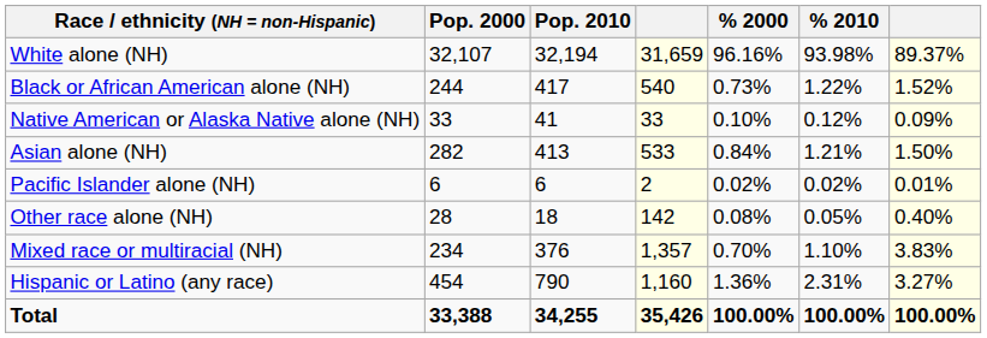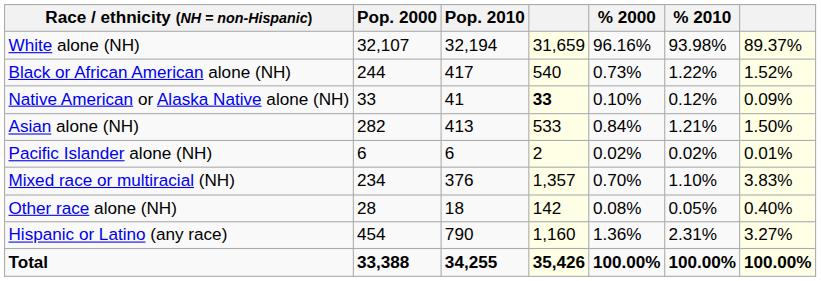 <table class="wikitable">
 <tr>
 <th>Race / ethnicity <small>(<em>NH = non-Hispanic</em>)</small></th>
 <th>Pop. 2000</th>
 <th>Pop. 2010</th>
 <th></th>
 <th>% 2000</th>
 <th>% 2010</th>
 <th></th>
 </tr>
 <tr>
 <td><a href='#'>White</a> alone (NH)</td>
 <td>32,107</td>
 <td>32,194</td>
 <td style='background: #ffffe6;'>31,659</td>
 <td>96.16%</td>
 <td>93.98%</td>
 <td style='background: #ffffe6;'>89.37%</td>
 </tr>
 <tr>
 <td><a href='#'>Black or African American</a> alone (NH)</td>
 <td>244</td>
 <td>417</td>
 <td style='background: #ffffe6;'>540</td>
 <td>0.73%</td>
 <td>1.22%</td>
 <td style='background: #ffffe6;'>1.52%</td>
 </tr>
 <tr>
 <td><a href='#'>Native American</a> or <a href='#'>Alaska Native</a> alone (NH)</td>
 <td>33</td>
 <td>41</td>
-<td style='background: #ffffe6;'>33</td>
+<td style='background: #ffffe6;'><strong>33</strong></td>
 <td>0.10%</td>
 <td>0.12%</td>
 <td style='background: #ffffe6;'>0.09%</td>
 </tr>
 <tr>
 <td><a href='#'>Asian</a> alone (NH)</td>
 <td>282</td>
 <td>413</td>
 <td style='background: #ffffe6;'>533</td>
 <td>0.84%</td>
 <td>1.21%</td>
 <td style='background: #ffffe6;'>1.50%</td>
 </tr>
 <tr>
 <td><a href='#'>Pacific Islander</a> alone (NH)</td>
 <td>6</td>
 <td>6</td>
 <td style='background: #ffffe6;'>2</td>
 <td>0.02%</td>
 <td>0.02%</td>
 <td style='background: #ffffe6;'>0.01%</td>
 </tr>
 <tr>
+<td><a href='#'>Mixed race or multiracial</a> (NH)</td>
+<td>234</td>
+<td>376</td>
+<td style='background: #ffffe6;'>1,357</td>
+<td>0.70%</td>
+<td>1.10%</td>
+<td style='background: #ffffe6;'>3.83%</td>
+</tr>
+<tr>
 <td><a href='#'>Other race</a> alone (NH)</td>
 <td>28</td>
 <td>18</td>
 <td style='background: #ffffe6;'>142</td>
 <td>0.08%</td>
 <td>0.05%</td>
 <td style='background: #ffffe6;'>0.40%</td>
-</tr>
-<tr>
-<td><a href='#'>Mixed race or multiracial</a> (NH)</td>
-<td>234</td>
-<td>376</td>
-<td style='background: #ffffe6;'>1,357</td>
-<td>0.70%</td>
-<td>1.10%</td>
-<td style='background: #ffffe6;'>3.83%</td>
 </tr>
 <tr>
 <td><a href='#'>Hispanic or Latino</a> (any race)</td>
 <td>454</td>
 <td>790</td>
 <td style='background: #ffffe6;'>1,160</td>
 <td>1.36%</td>
 <td>2.31%</td>
 <td style='background: #ffffe6;'>3.27%</td>
 </tr>
 <tr>
 <td><strong>Total</strong></td>
 <td><strong>33,388</strong></td>
 <td><strong>34,255</strong></td>
 <td style='background: #ffffe6;'><strong>35,426</strong></td>
 <td><strong>100.00%</strong></td>
 <td><strong>100.00%</strong></td>
 <td style='background: #ffffe6;'><strong>100.00%</strong></td>
 </tr>
 </table>
